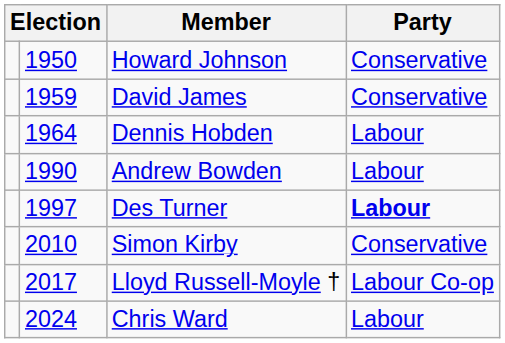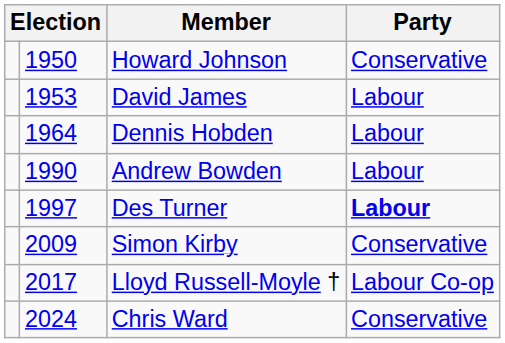 <table class="wikitable">
 <tr>
 <th colspan="2">Election</th>
 <th>Member</th>
 <th>Party</th>
 </tr>
 <tr>
 <td style="color:inherit;background-color: "></td>
 <td><a href='#'>1950</a></td>
 <td><a href='#'>Howard Johnson</a></td>
 <td><a href='#'>Conservative</a></td>
 </tr>
 <tr>
 <td style="color:inherit;background-color: "></td>
-<td><a href='#'>1959</a></td>
+<td><a href='#'>1953</a></td>
 <td><a href='#'>David James</a></td>
-<td><a href='#'>Conservative</a></td>
+<td><a href='#'>Labour</a></td>
 </tr>
 <tr>
 <td style="color:inherit;background-color: "></td>
 <td><a href='#'>1964</a></td>
 <td><a href='#'>Dennis Hobden</a></td>
 <td><a href='#'>Labour</a></td>
 </tr>
 <tr>
 <td style="color:inherit;background-color: "></td>
 <td><a href='#'>1990</a></td>
 <td><a href='#'>Andrew Bowden</a></td>
 <td><a href='#'>Labour</a></td>
 </tr>
 <tr>
 <td style="color:inherit;background-color: "></td>
 <td><a href='#'>1997</a></td>
 <td><a href='#'>Des Turner</a></td>
 <td><strong><a href='#'>Labour</a></strong></td>
 </tr>
 <tr>
 <td style="color:inherit;background-color: "></td>
-<td><a href='#'>2010</a></td>
+<td><a href='#'>2009</a></td>
 <td><a href='#'>Simon Kirby</a></td>
 <td><a href='#'>Conservative</a></td>
 </tr>
 <tr>
 <td style="color:inherit;background-color: "></td>
 <td><a href='#'>2017</a></td>
 <td><a href='#'>Lloyd Russell-Moyle</a> †</td>
 <td><a href='#'>Labour Co-op</a></td>
 </tr>
 <tr>
 <td style="color:inherit;background-color: "></td>
 <td><a href='#'>2024</a></td>
 <td><a href='#'>Chris Ward</a></td>
-<td><a href='#'>Labour</a></td>
+<td><a href='#'>Conservative</a></td>
 </tr>
 </table>
